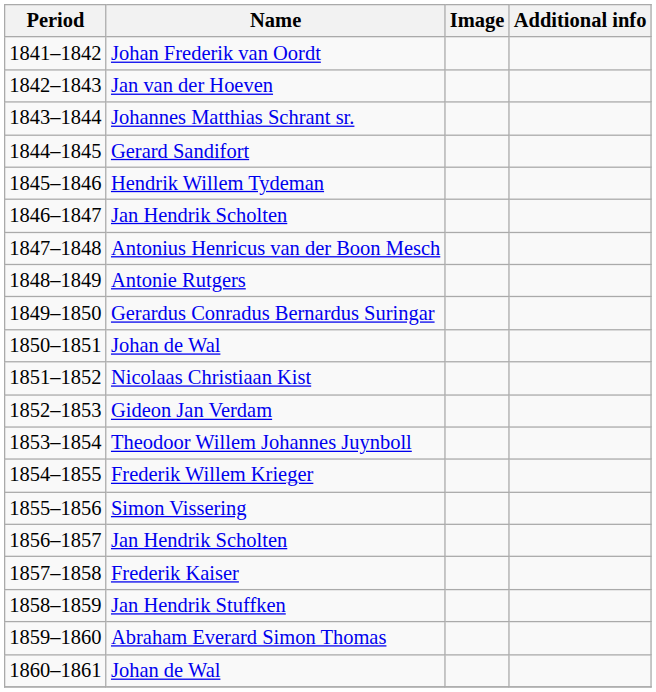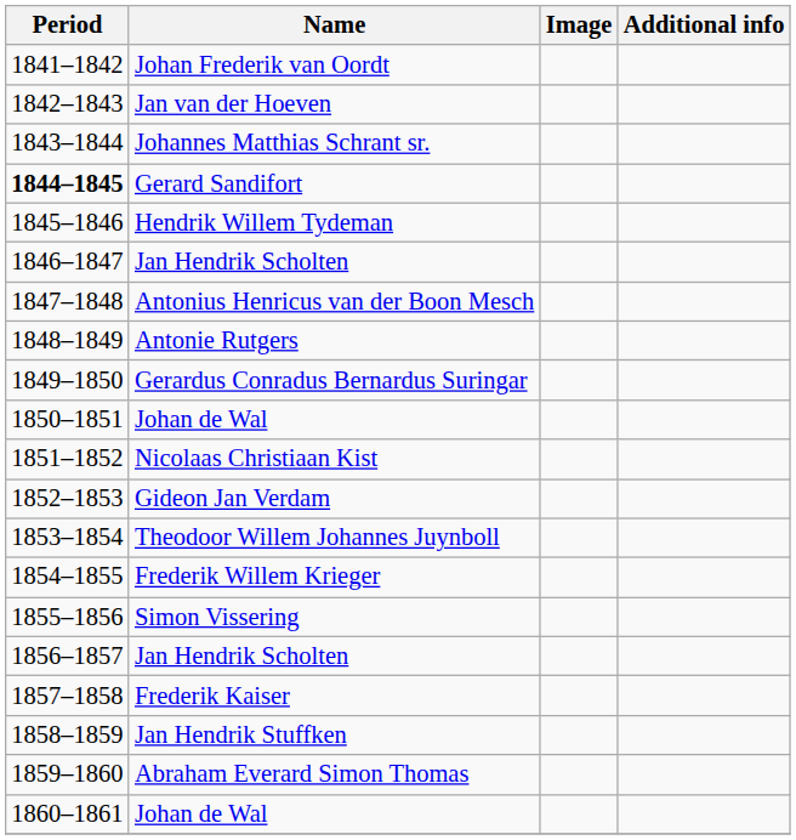 <table class="wikitable">
 <tr>
 <th>Period</th>
 <th>Name</th>
 <th>Image</th>
 <th>Additional info</th>
 </tr>
 <tr>
 <td>1841–1842</td>
 <td><a href='#'>Johan Frederik van Oordt</a></td>
 <td></td>
 <td></td>
 </tr>
 <tr>
 <td>1842–1843</td>
 <td><a href='#'>Jan van der Hoeven</a></td>
 <td></td>
 <td></td>
 </tr>
 <tr>
 <td>1843–1844</td>
 <td><a href='#'>Johannes Matthias Schrant sr.</a></td>
 <td></td>
 <td></td>
 </tr>
 <tr>
-<td>1844–1845</td>
+<td><strong>1844–1845</strong></td>
 <td><a href='#'>Gerard Sandifort</a></td>
 <td></td>
 <td></td>
 </tr>
 <tr>
 <td>1845–1846</td>
 <td><a href='#'>Hendrik Willem Tydeman</a></td>
 <td></td>
 <td></td>
 </tr>
 <tr>
 <td>1846–1847</td>
 <td><a href='#'>Jan Hendrik Scholten</a></td>
 <td></td>
 <td></td>
 </tr>
 <tr>
 <td>1847–1848</td>
 <td><a href='#'>Antonius Henricus van der Boon Mesch</a></td>
 <td></td>
 <td></td>
 </tr>
 <tr>
 <td>1848–1849</td>
 <td><a href='#'>Antonie Rutgers</a></td>
 <td></td>
 <td></td>
 </tr>
 <tr>
 <td>1849–1850</td>
 <td><a href='#'>Gerardus Conradus Bernardus Suringar</a></td>
 <td></td>
 <td></td>
 </tr>
 <tr>
 <td>1850–1851</td>
 <td><a href='#'>Johan de Wal</a></td>
 <td></td>
 <td></td>
 </tr>
 <tr>
 <td>1851–1852</td>
 <td><a href='#'>Nicolaas Christiaan Kist</a></td>
 <td></td>
 <td></td>
 </tr>
 <tr>
 <td>1852–1853</td>
 <td><a href='#'>Gideon Jan Verdam</a></td>
 <td></td>
 <td></td>
 </tr>
 <tr>
 <td>1853–1854</td>
 <td><a href='#'>Theodoor Willem Johannes Juynboll</a></td>
 <td></td>
 <td></td>
 </tr>
 <tr>
 <td>1854–1855</td>
 <td><a href='#'>Frederik Willem Krieger</a></td>
 <td></td>
 <td></td>
 </tr>
 <tr>
 <td>1855–1856</td>
 <td><a href='#'>Simon Vissering</a></td>
 <td></td>
 <td></td>
 </tr>
 <tr>
 <td>1856–1857</td>
 <td><a href='#'>Jan Hendrik Scholten</a></td>
 <td></td>
 <td></td>
 </tr>
 <tr>
 <td>1857–1858</td>
 <td><a href='#'>Frederik Kaiser</a></td>
 <td></td>
 <td></td>
 </tr>
 <tr>
 <td>1858–1859</td>
 <td><a href='#'>Jan Hendrik Stuffken</a></td>
 <td></td>
 <td></td>
 </tr>
 <tr>
 <td>1859–1860</td>
 <td><a href='#'>Abraham Everard Simon Thomas</a></td>
 <td></td>
 <td></td>
 </tr>
 <tr>
 <td>1860–1861</td>
 <td><a href='#'>Johan de Wal</a></td>
 <td></td>
 <td></td>
 </tr>
 <tr>
 </tr>
 </table>
